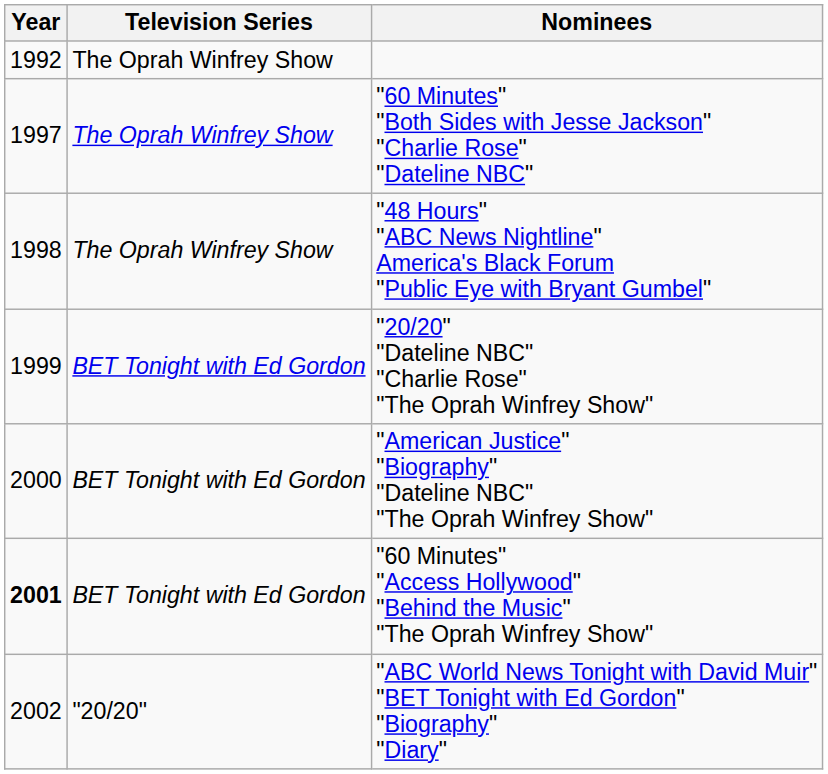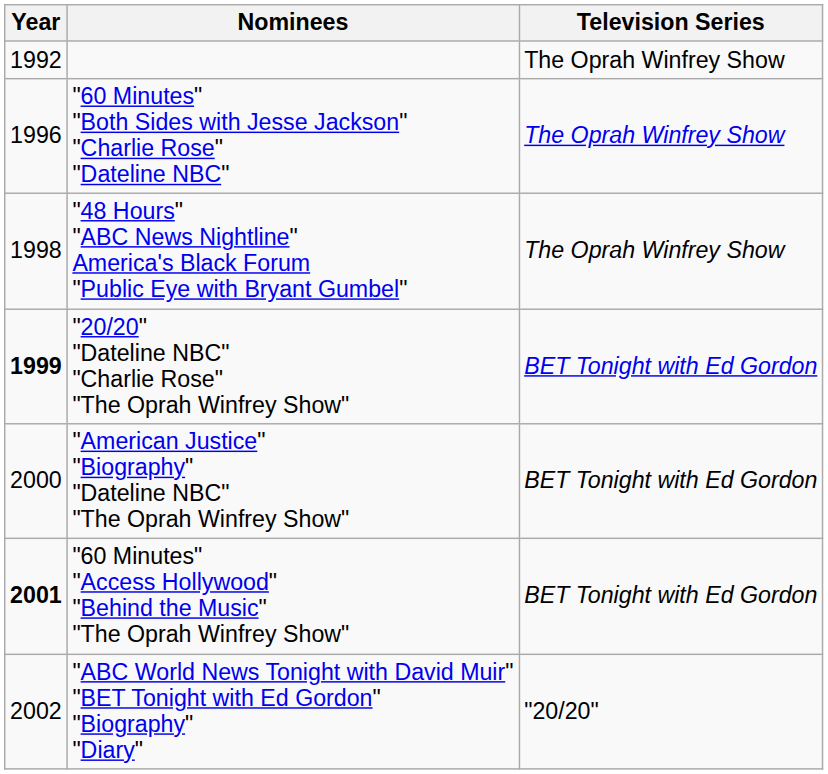 <table class="wikitable">
 <tr>
 <th>Year</th>
+<th>Nominees</th>
 <th>Television Series</th>
-<th>Nominees</th>
 </tr>
 <tr>
 <td>1992</td>
+<td></td>
 <td>The Oprah Winfrey Show</td>
-<td></td>
 </tr>
 <tr>
-<td>1997</td>
+<td>1996</td>
+<td>"<a href='#'>60 Minutes</a>"<br>"<a href='#'>Both Sides with Jesse Jackson</a>"<br>"<a href='#'>Charlie Rose</a>"<br>"<a href='#'>Dateline NBC</a>"</td>
 <td><em><a href='#'>The Oprah Winfrey Show</a></em></td>
-<td>"<a href='#'>60 Minutes</a>"<br>"<a href='#'>Both Sides with Jesse Jackson</a>"<br>"<a href='#'>Charlie Rose</a>"<br>"<a href='#'>Dateline NBC</a>"</td>
 </tr>
 <tr>
 <td>1998</td>
+<td>"<a href='#'>48 Hours</a>"<br>"<a href='#'>ABC News Nightline</a>"<br><a href='#'>America's Black Forum</a><br>"<a href='#'>Public Eye with Bryant Gumbel</a>"</td>
 <td><em>The Oprah Winfrey Show</em></td>
-<td>"<a href='#'>48 Hours</a>"<br>"<a href='#'>ABC News Nightline</a>"<br><a href='#'>America's Black Forum</a><br>"<a href='#'>Public Eye with Bryant Gumbel</a>"</td>
 </tr>
 <tr>
-<td>1999</td>
+<td><strong>1999</strong></td>
+<td>"<a href='#'>20/20</a>"<br>"Dateline NBC"<br>"Charlie Rose"<br>"The Oprah Winfrey Show"</td>
 <td><em><a href='#'>BET Tonight with Ed Gordon</a></em></td>
-<td>"<a href='#'>20/20</a>"<br>"Dateline NBC"<br>"Charlie Rose"<br>"The Oprah Winfrey Show"</td>
 </tr>
 <tr>
 <td>2000</td>
+<td>"<a href='#'>American Justice</a>"<br>"<a href='#'>Biography</a>"<br>"Dateline NBC"<br>"The Oprah Winfrey Show"</td>
 <td><em>BET Tonight with Ed Gordon</em></td>
-<td>"<a href='#'>American Justice</a>"<br>"<a href='#'>Biography</a>"<br>"Dateline NBC"<br>"The Oprah Winfrey Show"</td>
 </tr>
 <tr>
 <td><strong>2001</strong></td>
+<td>"60 Minutes"<br>"<a href='#'>Access Hollywood</a>"<br>"<a href='#'>Behind the Music</a>"<br>"The Oprah Winfrey Show"</td>
 <td><em>BET Tonight with Ed Gordon</em></td>
-<td>"60 Minutes"<br>"<a href='#'>Access Hollywood</a>"<br>"<a href='#'>Behind the Music</a>"<br>"The Oprah Winfrey Show"</td>
 </tr>
 <tr>
 <td>2002</td>
+<td>"<a href='#'>ABC World News Tonight with David Muir</a>"<br>"<a href='#'>BET Tonight with Ed Gordon</a>"<br>"<a href='#'>Biography</a>"<br>"<a href='#'>Diary</a>"</td>
 <td>"20/20"</td>
-<td>"<a href='#'>ABC World News Tonight with David Muir</a>"<br>"<a href='#'>BET Tonight with Ed Gordon</a>"<br>"<a href='#'>Biography</a>"<br>"<a href='#'>Diary</a>"</td>
 </tr>
 </table>
